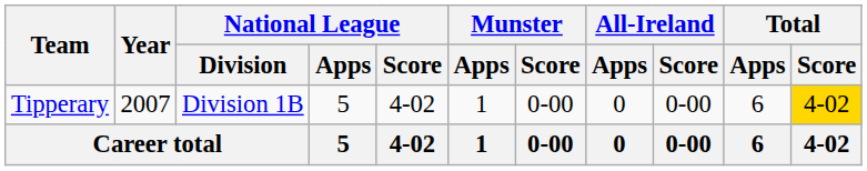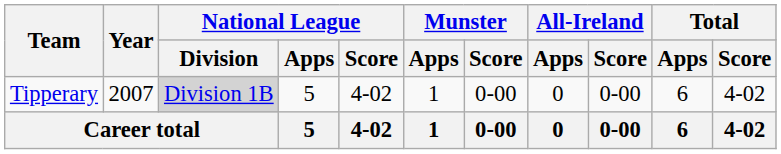 <table class="wikitable" style="text-align:center">
 <tr>
 <th rowspan="2">Team</th>
 <th rowspan="2">Year</th>
 <th colspan="3"><a href='#'>National League</a></th>
 <th colspan="2"><a href='#'>Munster</a></th>
 <th colspan="2"><a href='#'>All-Ireland</a></th>
 <th colspan="2">Total</th>
 </tr>
 <tr>
 <th>Division</th>
 <th>Apps</th>
 <th>Score</th>
 <th>Apps</th>
 <th>Score</th>
 <th>Apps</th>
 <th>Score</th>
 <th>Apps</th>
 <th>Score</th>
 </tr>
 <tr>
 <td rowspan="1"><a href='#'>Tipperary</a></td>
 <td>2007</td>
-<td rowspan="1"><a href='#'>Division 1B</a></td>
+<td rowspan="1" style="background: lightgrey;"><a href='#'>Division 1B</a></td>
 <td>5</td>
 <td>4-02</td>
 <td>1</td>
 <td>0-00</td>
 <td>0</td>
 <td>0-00</td>
 <td>6</td>
-<td style="background: gold;">4-02</td>
+<td>4-02</td>
 </tr>
 <tr>
 <th colspan="3">Career total</th>
 <th>5</th>
 <th>4-02</th>
 <th>1</th>
 <th>0-00</th>
 <th>0</th>
 <th>0-00</th>
 <th>6</th>
 <th>4-02</th>
 </tr>
 </table>
